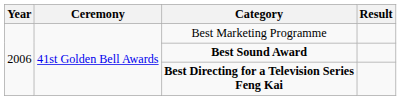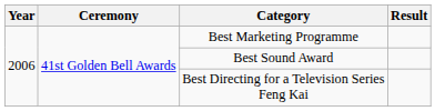 <table class="wikitable sortable">
 <tr>
 <th>Year</th>
 <th>Ceremony</th>
 <th>Category</th>
 <th>Result</th>
 </tr>
 <tr>
 <td align="center" rowspan=3>2006</td>
 <td align="center" rowspan=3><a href='#'>41st Golden Bell Awards</a></td>
 <td align="center">Best Marketing Programme</td>
 <td></td>
 </tr>
 <tr>
-<td align="center"><strong>Best Sound Award</strong></td>
+<td align="center">Best Sound Award</td>
 <td></td>
 </tr>
 <tr>
-<td align="center"><strong>Best Directing for a Television Series<br>Feng Kai</strong></td>
+<td align="center">Best Directing for a Television Series<br>Feng Kai</td>
 <td></td>
 </tr>
 </table>
